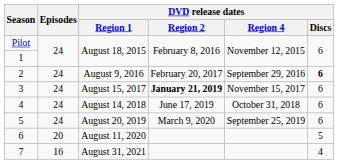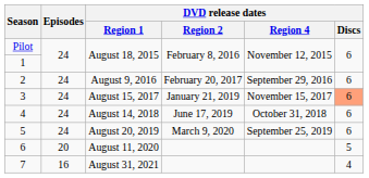 <table class="wikitable plainrowheaders" style="text-align: center;">
 <tr>
 <th scope="col" rowspan="2">Season</th>
 <th scope="col" rowspan="2">Episodes</th>
 <th scope="col" colspan="4"><a href='#'>DVD</a> release dates</th>
 </tr>
 <tr>
 <th scope="col"><a href='#'>Region 1</a></th>
 <th scope="col"><a href='#'>Region 2</a></th>
 <th scope="col"><a href='#'>Region 4</a></th>
 <th scope="col">Discs</th>
 </tr>
 <tr>
 <td scope="row"><a href='#'>Pilot</a></td>
 <td rowspan="2">24</td>
 <td rowspan="2">August 18, 2015</td>
 <td rowspan="2">February 8, 2016</td>
 <td rowspan="2">November 12, 2015</td>
 <td rowspan="2">6</td>
 </tr>
 <tr>
 <td scope="row">1</td>
 </tr>
 <tr>
 <td scope="row">2</td>
 <td>24</td>
 <td>August 9, 2016</td>
 <td>February 20, 2017</td>
 <td>September 29, 2016</td>
-<td><strong>6</strong></td>
+<td>6</td>
 </tr>
 <tr>
 <td scope="row">3</td>
 <td>24</td>
 <td>August 15, 2017</td>
-<td><strong>January 21, 2019</strong></td>
+<td>January 21, 2019</td>
 <td>November 15, 2017</td>
-<td>6</td>
+<td style="background: lightsalmon;">6</td>
 </tr>
 <tr>
 <td scope="row">4</td>
 <td>24</td>
 <td>August 14, 2018</td>
 <td>June 17, 2019</td>
 <td>October 31, 2018</td>
 <td>6</td>
 </tr>
 <tr>
 <td scope="row">5</td>
 <td>24</td>
 <td>August 20, 2019</td>
 <td>March 9, 2020</td>
 <td>September 25, 2019</td>
 <td>6</td>
 </tr>
 <tr>
 <td scope="row">6</td>
 <td>20</td>
 <td>August 11, 2020</td>
 <td></td>
 <td></td>
 <td>5</td>
 </tr>
 <tr>
 <td scope="row">7</td>
 <td>16</td>
 <td>August 31, 2021</td>
 <td></td>
 <td></td>
 <td>4</td>
 </tr>
 </table>
